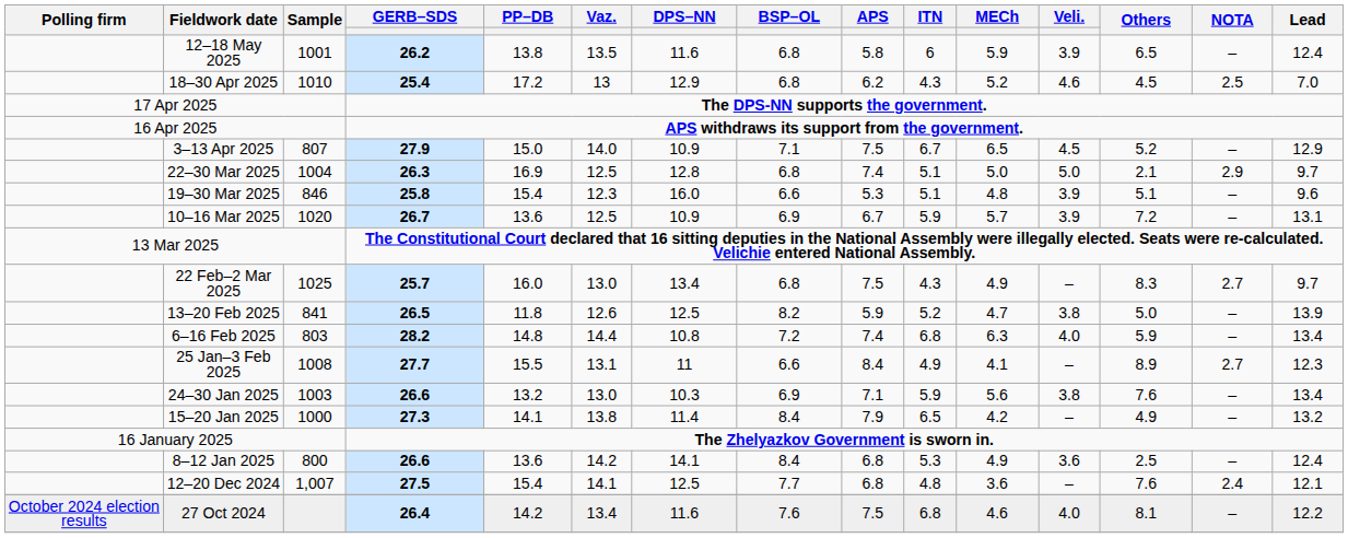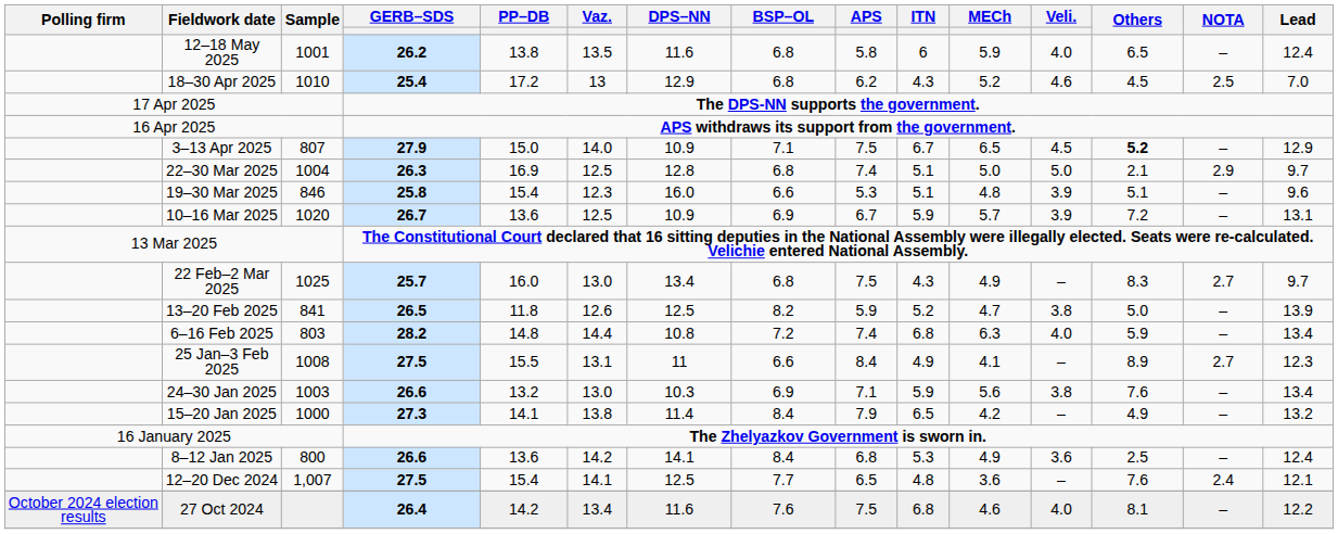 <table class="wikitable sortable" style="text-align:center;font-size:90%;line-height:14px;">
 <tr>
 <th rowspan="2">Polling firm</th>
 <th rowspan="2">Fieldwork date</th>
 <th rowspan="2">Sample</th>
 <th><a href='#'>GERB–SDS</a></th>
 <th><a href='#'>PP–DB</a></th>
 <th><a href='#'>Vaz.</a></th>
 <th><a href='#'>DPS–NN</a></th>
 <th><a href='#'>BSP–OL</a></th>
 <th><a href='#'>APS</a></th>
 <th><a href='#'>ITN</a></th>
 <th><a href='#'>MECh</a></th>
 <th><a href='#'>Veli.</a></th>
 <th rowspan="2"><a href='#'>Others</a></th>
 <th rowspan="2"><a href='#'>NOTA</a></th>
 <th rowspan="2">Lead</th>
 </tr>
 <tr>
 <th style="background:"></th>
 <th style="background:"></th>
 <th style="background:"></th>
 <th style="background:"></th>
 <th style="background:"></th>
 <th style="background:"></th>
 <th style="background:"></th>
 <th style="background:"></th>
 <th style="background:"></th>
 </tr>
 <tr>
 <td></td>
 <td>12–18 May 2025</td>
 <td>1001</td>
 <td style="background:#CCE6FF"><strong>26.2</strong><br></td>
 <td>13.8<br></td>
 <td>13.5<br></td>
 <td>11.6<br></td>
 <td>6.8<br></td>
 <td>5.8<br></td>
 <td>6<br></td>
 <td>5.9<br></td>
-<td>3.9<br></td>
+<td>4.0<br></td>
 <td>6.5</td>
 <td>–</td>
 <td class="unsortable" style="background:">12.4</td>
 </tr>
 <tr>
 <td></td>
 <td>18–30 Apr 2025</td>
 <td>1010</td>
 <td style="background:#CCE6FF"><strong>25.4</strong><br></td>
 <td>17.2<br></td>
 <td>13<br></td>
 <td>12.9<br></td>
 <td>6.8<br></td>
 <td>6.2<br></td>
 <td>4.3<br></td>
 <td>5.2<br></td>
 <td>4.6<br></td>
 <td>4.5</td>
 <td>2.5</td>
 <td class="unsortable" style="background:">7.0</td>
 </tr>
 <tr>
 <td colspan="3">17 Apr 2025</td>
 <td colspan="12"><strong>The <a href='#'>DPS-NN</a> supports <a href='#'>the government</a>.</strong></td>
 </tr>
 <tr>
 <td colspan="3">16 Apr 2025</td>
 <td colspan="12"><strong><a href='#'>APS</a> withdraws its support from <a href='#'>the government</a>.</strong></td>
 </tr>
 <tr>
 <td></td>
 <td>3–13 Apr 2025</td>
 <td>807</td>
 <td style="background:#CCE6FF"><strong>27.9</strong><br></td>
 <td>15.0<br></td>
 <td>14.0<br></td>
 <td>10.9<br></td>
 <td>7.1<br></td>
 <td>7.5<br></td>
 <td>6.7<br></td>
 <td>6.5<br></td>
 <td>4.5<br></td>
-<td>5.2</td>
+<td><strong>5.2</strong></td>
 <td>–</td>
 <td class="unsortable" style="background:">12.9</td>
 </tr>
 <tr>
 <td></td>
 <td>22–30 Mar 2025</td>
 <td>1004</td>
 <td style="background:#CCE6FF"><strong>26.3</strong><br></td>
 <td>16.9<br></td>
 <td>12.5<br></td>
 <td>12.8<br></td>
 <td>6.8<br></td>
 <td>7.4<br></td>
 <td>5.1<br></td>
 <td>5.0<br></td>
 <td>5.0<br></td>
 <td>2.1</td>
 <td>2.9</td>
 <td class="unsortable" style="background:">9.7</td>
 </tr>
 <tr>
 <td></td>
 <td>19–30 Mar 2025</td>
 <td>846</td>
 <td style="background:#CCE6FF"><strong>25.8</strong><br></td>
 <td>15.4<br></td>
 <td>12.3<br></td>
 <td>16.0<br></td>
 <td>6.6<br></td>
 <td>5.3<br></td>
 <td>5.1<br></td>
 <td>4.8<br></td>
 <td>3.9<br></td>
 <td>5.1</td>
 <td>–</td>
 <td class="unsortable" style="background:">9.6</td>
 </tr>
 <tr>
 <td></td>
 <td>10–16 Mar 2025</td>
 <td>1020</td>
 <td style="background:#CCE6FF"><strong>26.7</strong><br></td>
 <td>13.6<br></td>
 <td>12.5<br></td>
 <td>10.9<br></td>
 <td>6.9<br></td>
 <td>6.7<br></td>
 <td>5.9<br></td>
 <td>5.7<br></td>
 <td>3.9<br></td>
 <td>7.2</td>
 <td>–</td>
 <td class="unsortable" style="background:">13.1</td>
 </tr>
 <tr>
 <td colspan="3">13 Mar 2025</td>
 <td colspan="12"><strong><a href='#'>The Constitutional Court</a> declared that 16 sitting deputies in the National Assembly were illegally elected. Seats were re-calculated. <a href='#'>Velichie</a> entered National Assembly.</strong></td>
 </tr>
 <tr>
 <td></td>
 <td>22 Feb–2 Mar 2025</td>
 <td>1025</td>
 <td style="background:#CCE6FF"><strong>25.7</strong><br></td>
 <td>16.0<br></td>
 <td>13.0<br></td>
 <td>13.4<br></td>
 <td>6.8<br></td>
 <td>7.5<br></td>
 <td>4.3<br></td>
 <td>4.9<br></td>
 <td>–</td>
 <td>8.3</td>
 <td>2.7</td>
 <td class="unsortable" style="background:">9.7</td>
 </tr>
 <tr>
 <td></td>
 <td>13–20 Feb 2025</td>
 <td>841</td>
 <td style="background:#CCE6FF"><strong>26.5</strong><br></td>
 <td>11.8<br></td>
 <td>12.6<br></td>
 <td>12.5<br></td>
 <td>8.2<br></td>
 <td>5.9<br></td>
 <td>5.2<br></td>
 <td>4.7<br></td>
 <td>3.8<br></td>
 <td>5.0</td>
 <td>–</td>
 <td class="unsortable" style="background:">13.9</td>
 </tr>
 <tr>
 <td></td>
 <td>6–16 Feb 2025</td>
 <td>803</td>
 <td style="background:#CCE6FF"><strong>28.2</strong><br></td>
 <td>14.8<br></td>
 <td>14.4<br></td>
 <td>10.8<br></td>
 <td>7.2<br></td>
 <td>7.4<br></td>
 <td>6.8<br></td>
 <td>6.3<br></td>
 <td>4.0<br></td>
 <td>5.9</td>
 <td>–</td>
 <td class="unsortable" style="background:">13.4</td>
 </tr>
 <tr>
 <td></td>
 <td>25 Jan–3 Feb 2025</td>
 <td>1008</td>
-<td style="background:#CCE6FF"><strong>27.7</strong><br></td>
+<td style="background:#CCE6FF"><strong>27.5</strong><br></td>
 <td>15.5<br></td>
 <td>13.1<br></td>
 <td>11<br></td>
 <td>6.6<br></td>
 <td>8.4<br></td>
 <td>4.9<br></td>
 <td>4.1<br></td>
 <td>–</td>
 <td>8.9</td>
 <td>2.7</td>
 <td class="unsortable" style="background:">12.3</td>
 </tr>
 <tr>
 <td></td>
 <td>24–30 Jan 2025</td>
 <td>1003</td>
 <td style="background:#CCE6FF"><strong>26.6</strong><br></td>
 <td>13.2<br></td>
 <td>13.0<br></td>
 <td>10.3<br></td>
 <td>6.9<br></td>
 <td>7.1<br></td>
 <td>5.9<br></td>
 <td>5.6<br></td>
 <td>3.8<br></td>
 <td>7.6</td>
 <td>–</td>
 <td class="unsortable" style="background:">13.4</td>
 </tr>
 <tr>
 <td></td>
 <td>15–20 Jan 2025</td>
 <td>1000</td>
 <td style="background:#CCE6FF"><strong>27.3</strong><br></td>
 <td>14.1<br></td>
 <td>13.8<br></td>
 <td>11.4<br></td>
 <td>8.4<br></td>
 <td>7.9<br></td>
 <td>6.5<br></td>
 <td>4.2<br></td>
 <td>–</td>
 <td>4.9</td>
 <td>–</td>
 <td class="unsortable" style="background:">13.2</td>
 </tr>
 <tr>
 <td colspan="3" data-sort-value="2023-06-06">16 January 2025</td>
 <td colspan="16" style="font-weight:bold;">The <a href='#'>Zhelyazkov Government</a> is sworn in.</td>
 </tr>
 <tr>
 <td></td>
 <td>8–12 Jan 2025</td>
 <td>800</td>
 <td style="background:#CCE6FF"><strong>26.6</strong><br></td>
 <td>13.6<br></td>
 <td>14.2<br></td>
 <td>14.1<br></td>
 <td>8.4<br></td>
 <td>6.8<br></td>
 <td>5.3<br></td>
 <td>4.9<br></td>
 <td>3.6<br></td>
 <td>2.5</td>
 <td>–</td>
 <td class="unsortable" style="background:">12.4</td>
 </tr>
 <tr>
 <td></td>
 <td>12–20 Dec 2024</td>
 <td>1,007</td>
 <td style="background:#CCE6FF"><strong>27.5</strong><br></td>
 <td>15.4<br></td>
 <td>14.1<br></td>
 <td>12.5<br></td>
 <td>7.7<br></td>
-<td>6.8<br></td>
+<td>6.5<br></td>
 <td>4.8<br></td>
 <td>3.6<br></td>
 <td>–</td>
 <td>7.6</td>
 <td>2.4</td>
 <td class="unsortable" style="background:">12.1</td>
 </tr>
 <tr>
 </tr>
 <tr style="background:#EFEFEF;">
 <td><a href='#'>October 2024 election results</a></td>
 <td>27 Oct 2024</td>
 <td></td>
 <td style="background:#CCE6FF"><strong>26.4</strong><br></td>
 <td>14.2<br></td>
 <td>13.4<br></td>
 <td>11.6<br></td>
 <td>7.6<br></td>
 <td>7.5<br></td>
 <td>6.8<br></td>
 <td>4.6<br></td>
 <td>4.0<br></td>
 <td>8.1</td>
 <td>–</td>
 <td class="unsortable" style="background:">12.2</td>
 </tr>
 <tr>
 </tr>
 </table>
